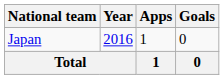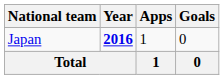 <table class=wikitable>
 <tr>
 <th>National team</th>
 <th>Year</th>
 <th>Apps</th>
 <th>Goals</th>
 </tr>
 <tr>
 <td><a href='#'>Japan</a></td>
-<td><a href='#'>2016</a></td>
+<td><strong><a href='#'>2016</a></strong></td>
 <td>1</td>
 <td>0</td>
 </tr>
 <tr>
 <th colspan=2>Total</th>
 <th>1</th>
 <th>0</th>
 </tr>
 </table>
